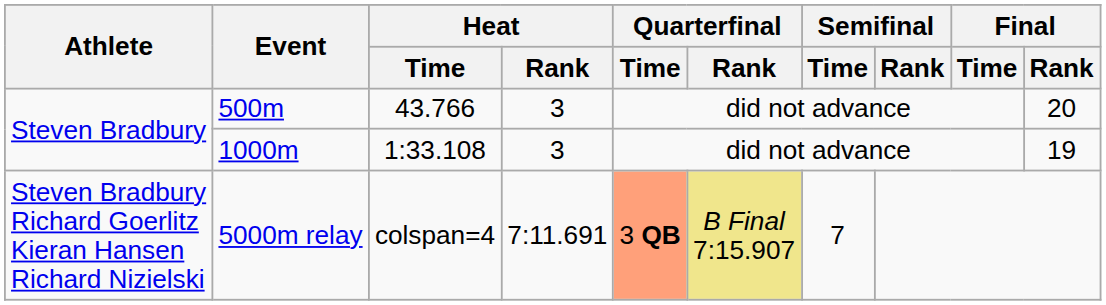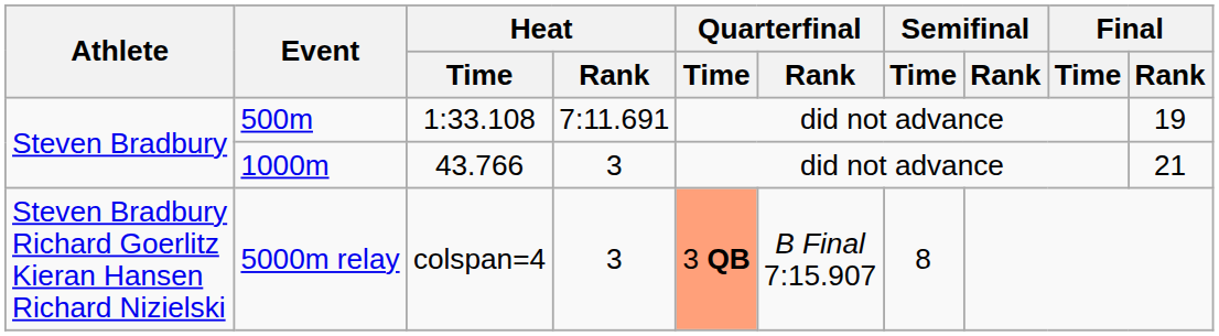 <table class="wikitable" style="font-size:90%">
 <tr>
 <th rowspan="2">Athlete</th>
 <th rowspan="2">Event</th>
 <th colspan="2">Heat</th>
 <th colspan="2">Quarterfinal</th>
 <th colspan="2">Semifinal</th>
 <th colspan="2">Final</th>
 </tr>
 <tr>
 <th>Time</th>
 <th>Rank</th>
 <th>Time</th>
 <th>Rank</th>
 <th>Time</th>
 <th>Rank</th>
 <th>Time</th>
 <th>Rank</th>
 </tr>
 <tr align="center">
 <td align="left" rowspan=2><a href='#'>Steven Bradbury</a></td>
 <td align="left"><a href='#'>500m</a></td>
+<td>1:33.108</td>
+<td>7:11.691</td>
+<td colspan=5>did not advance</td>
+<td>19</td>
+</tr>
+<tr align="center">
+<td align="left"><a href='#'>1000m</a></td>
 <td>43.766</td>
 <td>3</td>
 <td colspan=5>did not advance</td>
-<td>20</td>
-</tr>
-<tr align="center">
-<td align="left"><a href='#'>1000m</a></td>
-<td>1:33.108</td>
-<td>3</td>
-<td colspan=5>did not advance</td>
-<td>19</td>
+<td>21</td>
 </tr>
 <tr align="center">
 <td align="left" rowspan=2><a href='#'>Steven Bradbury</a> <br> <a href='#'>Richard Goerlitz</a> <br> <a href='#'>Kieran Hansen</a> <br> <a href='#'>Richard Nizielski</a></td>
 <td align="left"><a href='#'>5000m relay</a></td>
 <td>colspan=4 </td>
-<td>7:11.691</td>
+<td>3</td>
 <td style="background: lightsalmon;">3 <strong>QB</strong></td>
-<td style="background: khaki;"><em>B Final</em> <br> 7:15.907</td>
-<td>7</td>
+<td><em>B Final</em> <br> 7:15.907</td>
+<td>8</td>
 </tr>
 </table>
